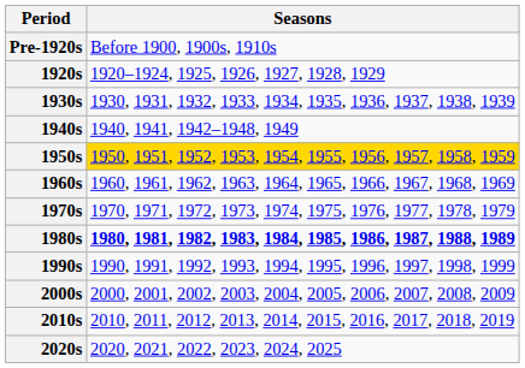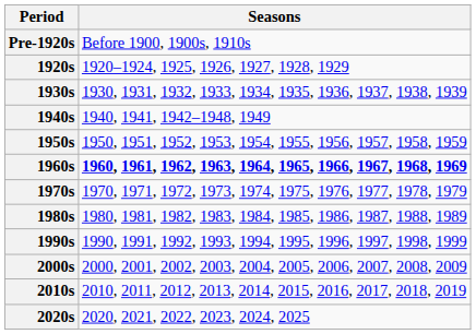 <table class="wikitable">
 <tr>
 <th scope="col">Period</th>
 <th scope="col">Seasons</th>
 </tr>
 <tr>
 <th scope="row" style="text-align: right;">Pre-1920s</th>
 <td><a href='#'>Before 1900</a>, <a href='#'>1900s</a>, <a href='#'>1910s</a></td>
 </tr>
 <tr>
 <th scope="row" style="text-align: right;">1920s</th>
 <td><a href='#'>1920–1924</a>, <a href='#'>1925</a>, <a href='#'>1926</a>, <a href='#'>1927</a>, <a href='#'>1928</a>, <a href='#'>1929</a></td>
 </tr>
 <tr>
 <th scope="row" style="text-align: right;">1930s</th>
 <td><a href='#'>1930</a>, <a href='#'>1931</a>, <a href='#'>1932</a>, <a href='#'>1933</a>, <a href='#'>1934</a>, <a href='#'>1935</a>, <a href='#'>1936</a>, <a href='#'>1937</a>, <a href='#'>1938</a>, <a href='#'>1939</a></td>
 </tr>
 <tr>
 <th scope="row" style="text-align: right;">1940s</th>
 <td><a href='#'>1940</a>, <a href='#'>1941</a>, <a href='#'>1942–1948</a>, <a href='#'>1949</a></td>
 </tr>
 <tr>
 <th scope="row" style="text-align: right;">1950s</th>
-<td style="background: gold;"><a href='#'>1950</a>, <a href='#'>1951</a>, <a href='#'>1952</a>, <a href='#'>1953</a>, <a href='#'>1954</a>, <a href='#'>1955</a>, <a href='#'>1956</a>, <a href='#'>1957</a>, <a href='#'>1958</a>, <a href='#'>1959</a></td>
+<td><a href='#'>1950</a>, <a href='#'>1951</a>, <a href='#'>1952</a>, <a href='#'>1953</a>, <a href='#'>1954</a>, <a href='#'>1955</a>, <a href='#'>1956</a>, <a href='#'>1957</a>, <a href='#'>1958</a>, <a href='#'>1959</a></td>
 </tr>
 <tr>
 <th scope="row" style="text-align: right;">1960s</th>
-<td><a href='#'>1960</a>, <a href='#'>1961</a>, <a href='#'>1962</a>, <a href='#'>1963</a>, <a href='#'>1964</a>, <a href='#'>1965</a>, <a href='#'>1966</a>, <a href='#'>1967</a>, <a href='#'>1968</a>, <a href='#'>1969</a></td>
+<td><strong><a href='#'>1960</a>, <a href='#'>1961</a>, <a href='#'>1962</a>, <a href='#'>1963</a>, <a href='#'>1964</a>, <a href='#'>1965</a>, <a href='#'>1966</a>, <a href='#'>1967</a>, <a href='#'>1968</a>, <a href='#'>1969</a></strong></td>
 </tr>
 <tr>
 <th scope="row" style="text-align: right;">1970s</th>
 <td><a href='#'>1970</a>, <a href='#'>1971</a>, <a href='#'>1972</a>, <a href='#'>1973</a>, <a href='#'>1974</a>, <a href='#'>1975</a>, <a href='#'>1976</a>, <a href='#'>1977</a>, <a href='#'>1978</a>, <a href='#'>1979</a></td>
 </tr>
 <tr>
 <th scope="row" style="text-align: right;">1980s</th>
-<td><strong><a href='#'>1980</a>, <a href='#'>1981</a>, <a href='#'>1982</a>, <a href='#'>1983</a>, <a href='#'>1984</a>, <a href='#'>1985</a>, <a href='#'>1986</a>, <a href='#'>1987</a>, <a href='#'>1988</a>, <a href='#'>1989</a></strong></td>
+<td><a href='#'>1980</a>, <a href='#'>1981</a>, <a href='#'>1982</a>, <a href='#'>1983</a>, <a href='#'>1984</a>, <a href='#'>1985</a>, <a href='#'>1986</a>, <a href='#'>1987</a>, <a href='#'>1988</a>, <a href='#'>1989</a></td>
 </tr>
 <tr>
 <th scope="row" style="text-align: right;">1990s</th>
 <td><a href='#'>1990</a>, <a href='#'>1991</a>, <a href='#'>1992</a>, <a href='#'>1993</a>, <a href='#'>1994</a>, <a href='#'>1995</a>, <a href='#'>1996</a>, <a href='#'>1997</a>, <a href='#'>1998</a>, <a href='#'>1999</a></td>
 </tr>
 <tr>
 <th scope="row" style="text-align: right;">2000s</th>
 <td><a href='#'>2000</a>, <a href='#'>2001</a>, <a href='#'>2002</a>, <a href='#'>2003</a>, <a href='#'>2004</a>, <a href='#'>2005</a>, <a href='#'>2006</a>, <a href='#'>2007</a>, <a href='#'>2008</a>, <a href='#'>2009</a></td>
 </tr>
 <tr>
 <th scope="row" style="text-align: right;">2010s</th>
 <td><a href='#'>2010</a>, <a href='#'>2011</a>, <a href='#'>2012</a>, <a href='#'>2013</a>, <a href='#'>2014</a>, <a href='#'>2015</a>, <a href='#'>2016</a>, <a href='#'>2017</a>, <a href='#'>2018</a>, <a href='#'>2019</a></td>
 </tr>
 <tr>
 <th scope="row" style="text-align: right;">2020s</th>
 <td><a href='#'>2020</a>, <a href='#'>2021</a>, <a href='#'>2022</a>, <a href='#'>2023</a>, <a href='#'>2024</a>, <a href='#'>2025</a></td>
 </tr>
 </table>
